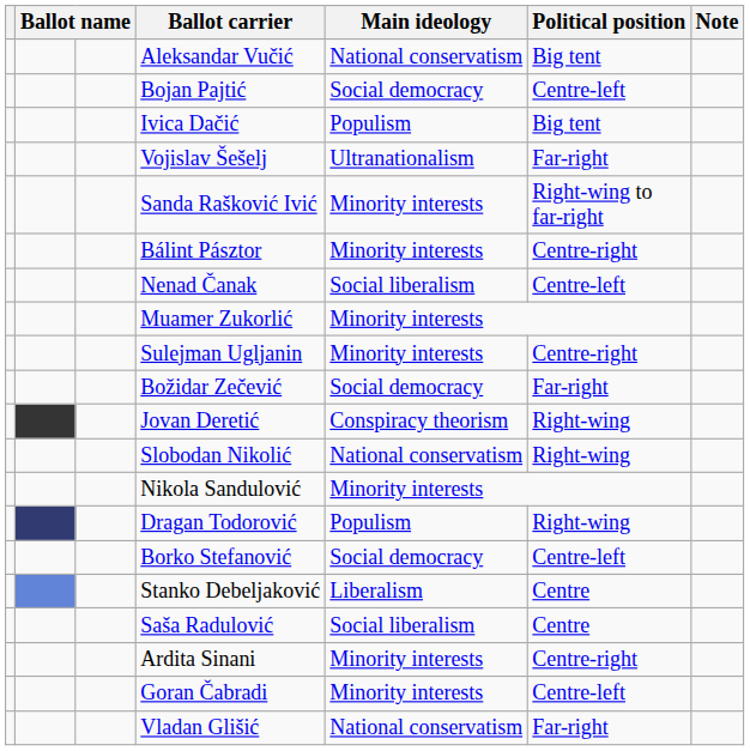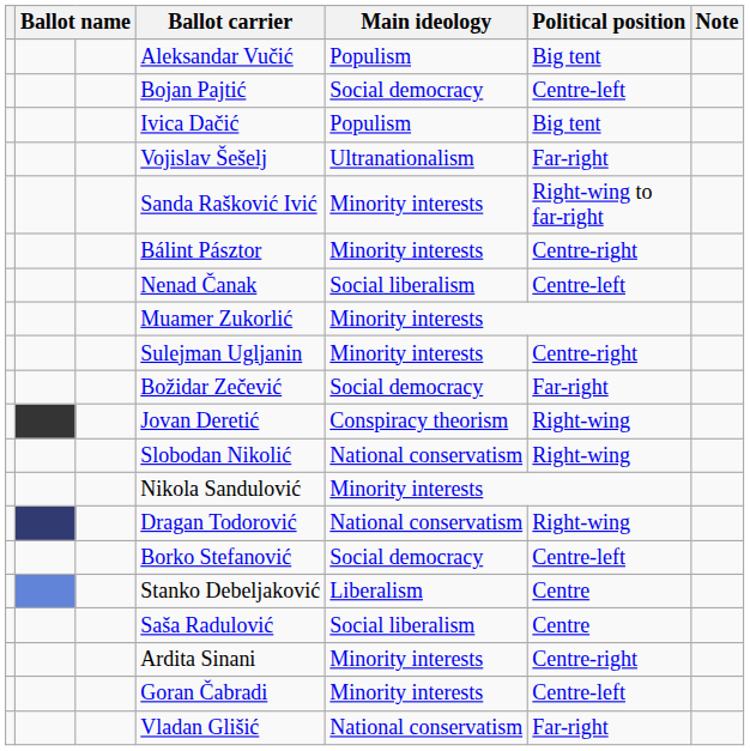 <table class="wikitable">
 <tr>
 <th></th>
 <th colspan="2">Ballot name</th>
 <th>Ballot carrier</th>
 <th>Main ideology</th>
 <th>Political position</th>
 <th>Note </th>
 </tr>
 <tr>
 <td></td>
 <td style="background:"></td>
 <td></td>
 <td><a href='#'>Aleksandar Vučić</a></td>
-<td><a href='#'>National conservatism</a></td>
+<td><a href='#'>Populism</a></td>
 <td><a href='#'>Big tent</a></td>
 <td></td>
 </tr>
 <tr>
 <td></td>
 <td style="background:"></td>
 <td></td>
 <td><a href='#'>Bojan Pajtić</a></td>
 <td><a href='#'>Social democracy</a></td>
 <td><a href='#'>Centre-left</a></td>
 <td></td>
 </tr>
 <tr>
 <td></td>
 <td style="background:"></td>
 <td></td>
 <td><a href='#'>Ivica Dačić</a></td>
 <td><a href='#'>Populism</a></td>
 <td><a href='#'>Big tent</a></td>
 <td></td>
 </tr>
 <tr>
 <td></td>
 <td style="background:"></td>
 <td></td>
 <td><a href='#'>Vojislav Šešelj</a></td>
 <td><a href='#'>Ultranationalism</a></td>
 <td><a href='#'>Far-right</a></td>
 <td></td>
 </tr>
 <tr>
 <td></td>
 <td style="background:"></td>
 <td></td>
 <td><a href='#'>Sanda Rašković Ivić</a></td>
 <td><a href='#'>Minority interests</a></td>
 <td><a href='#'>Right-wing</a> to<br><a href='#'>far-right</a></td>
 <td></td>
 </tr>
 <tr>
 <td></td>
 <td style="background:"></td>
 <td></td>
 <td><a href='#'>Bálint Pásztor</a></td>
 <td><a href='#'>Minority interests</a></td>
 <td><a href='#'>Centre-right</a></td>
 <td></td>
 </tr>
 <tr>
 <td></td>
 <td style="background:"></td>
 <td></td>
 <td><a href='#'>Nenad Čanak</a></td>
 <td><a href='#'>Social liberalism</a></td>
 <td><a href='#'>Centre-left</a></td>
 <td></td>
 </tr>
 <tr>
 <td></td>
 <td style="background:"></td>
 <td></td>
 <td><a href='#'>Muamer Zukorlić</a></td>
 <td colspan="2"><a href='#'>Minority interests</a></td>
 <td></td>
 </tr>
 <tr>
 <td></td>
 <td style="background:"></td>
 <td></td>
 <td><a href='#'>Sulejman Ugljanin</a></td>
 <td><a href='#'>Minority interests</a></td>
 <td><a href='#'>Centre-right</a></td>
 <td></td>
 </tr>
 <tr>
 <td></td>
 <td style="background:"></td>
 <td></td>
 <td><a href='#'>Božidar Zečević</a></td>
 <td><a href='#'>Social democracy</a></td>
 <td><a href='#'>Far-right</a></td>
 <td></td>
 </tr>
 <tr>
 <td></td>
 <td style="background:#343434"></td>
 <td></td>
 <td><a href='#'>Jovan Deretić</a></td>
 <td><a href='#'>Conspiracy theorism</a></td>
 <td><a href='#'>Right-wing</a></td>
 <td></td>
 </tr>
 <tr>
 <td></td>
 <td style="background:"></td>
 <td></td>
 <td><a href='#'>Slobodan Nikolić</a></td>
 <td><a href='#'>National conservatism</a></td>
 <td><a href='#'>Right-wing</a></td>
 <td></td>
 </tr>
 <tr>
 <td></td>
 <td style="background:"></td>
 <td></td>
 <td>Nikola Sandulović</td>
 <td colspan="2"><a href='#'>Minority interests</a></td>
 <td></td>
 </tr>
 <tr>
 <td></td>
 <td style="background:#313B72"></td>
 <td></td>
 <td><a href='#'>Dragan Todorović</a></td>
-<td><a href='#'>Populism</a></td>
+<td><a href='#'>National conservatism</a></td>
 <td><a href='#'>Right-wing</a></td>
 <td></td>
 </tr>
 <tr>
 <td></td>
 <td style="background:"></td>
 <td></td>
 <td><a href='#'>Borko Stefanović</a></td>
 <td><a href='#'>Social democracy</a></td>
 <td><a href='#'>Centre-left</a></td>
 <td></td>
 </tr>
 <tr>
 <td></td>
 <td style="background:#6184D8"></td>
 <td></td>
 <td>Stanko Debeljaković</td>
 <td><a href='#'>Liberalism</a></td>
 <td><a href='#'>Centre</a></td>
 <td></td>
 </tr>
 <tr>
 <td></td>
 <td style="background:"></td>
 <td></td>
 <td><a href='#'>Saša Radulović</a></td>
 <td><a href='#'>Social liberalism</a></td>
 <td><a href='#'>Centre</a></td>
 <td></td>
 </tr>
 <tr>
 <td></td>
 <td style="background:"></td>
 <td></td>
 <td>Ardita Sinani</td>
 <td><a href='#'>Minority interests</a></td>
 <td><a href='#'>Centre-right</a></td>
 <td></td>
 </tr>
 <tr>
 <td></td>
 <td style="background:"></td>
 <td></td>
 <td><a href='#'>Goran Čabradi</a></td>
 <td><a href='#'>Minority interests</a></td>
 <td><a href='#'>Centre-left</a></td>
 <td></td>
 </tr>
 <tr>
 <td></td>
 <td style="background:"></td>
 <td></td>
 <td><a href='#'>Vladan Glišić</a></td>
 <td><a href='#'>National conservatism</a></td>
 <td><a href='#'>Far-right</a></td>
 <td></td>
 </tr>
 </table>
